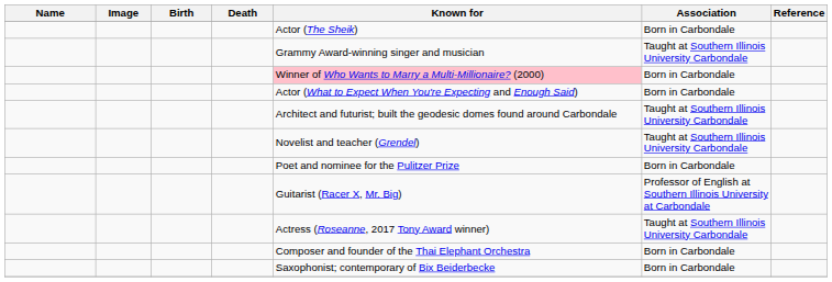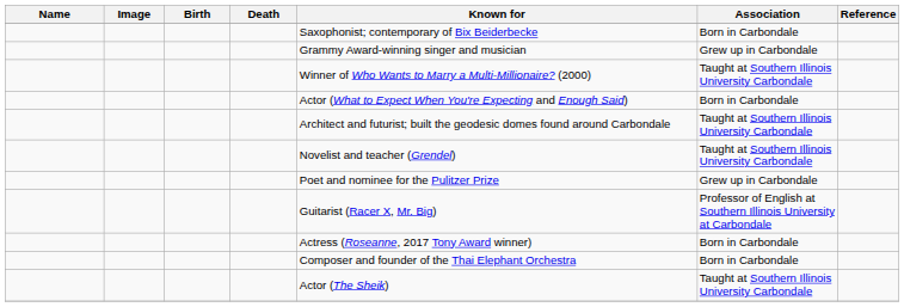 <table class="wikitable sortable">
 <tr>
 <th scope="col" width="140">Name</th>
 <th scope="col" width="80" class="unsortable">Image</th>
 <th scope="col" width="90">Birth</th>
 <th scope="col" width="90">Death</th>
 <th scope="col" width="600" class="unsortable">Known for</th>
 <th scope="col" width="200" class="unsortable">Association</th>
 <th scope="col" width="30" class="unsortable">Reference</th>
 </tr>
 <tr>
 </tr>
 <tr>
 <td></td>
 <td></td>
 <td align=right></td>
 <td align=right></td>
-<td>Actor (<em><a href='#'>The Sheik</a></em>)</td>
+<td>Saxophonist; contemporary of <a href='#'>Bix Beiderbecke</a></td>
 <td>Born in Carbondale</td>
 <td align="center"></td>
 </tr>
 <tr>
 <td></td>
 <td></td>
 <td align=right></td>
 <td align=right></td>
 <td>Grammy Award-winning singer and musician</td>
-<td>Taught at <a href='#'>Southern Illinois University Carbondale</a></td>
+<td>Grew up in Carbondale</td>
 <td align="center"></td>
 </tr>
 <tr>
 <td></td>
 <td></td>
 <td align=right></td>
 <td align=right></td>
-<td style="background: pink;">Winner of <em><a href='#'>Who Wants to Marry a Multi-Millionaire?</a></em> (2000)</td>
-<td>Born in Carbondale</td>
+<td>Winner of <em><a href='#'>Who Wants to Marry a Multi-Millionaire?</a></em> (2000)</td>
+<td>Taught at <a href='#'>Southern Illinois University Carbondale</a></td>
 <td align="center"></td>
 </tr>
 <tr>
 <td></td>
 <td></td>
 <td align=right></td>
 <td align=right></td>
 <td>Actor (<em><a href='#'>What to Expect When You're Expecting</a></em> and <em><a href='#'>Enough Said</a></em>)</td>
 <td>Born in Carbondale</td>
 <td align="center"></td>
 </tr>
 <tr>
 <td></td>
 <td></td>
 <td align=right></td>
 <td align=right></td>
 <td>Architect and futurist; built the geodesic domes found around Carbondale</td>
 <td>Taught at <a href='#'>Southern Illinois University Carbondale</a></td>
 <td align="center"></td>
 </tr>
 <tr>
 <td></td>
 <td></td>
 <td align=right></td>
 <td align=right></td>
 <td>Novelist and teacher (<em><a href='#'>Grendel</a></em>)</td>
 <td>Taught at <a href='#'>Southern Illinois University Carbondale</a></td>
 <td align="center"></td>
 </tr>
 <tr>
 <td></td>
 <td></td>
 <td align=right></td>
 <td align=right></td>
 <td>Poet and nominee for the <a href='#'>Pulitzer Prize</a></td>
-<td>Born in Carbondale</td>
+<td>Grew up in Carbondale</td>
 <td align="center"></td>
 </tr>
 <tr>
 <td></td>
 <td></td>
 <td align=right></td>
 <td align=right></td>
 <td>Guitarist (<a href='#'>Racer X</a>, <a href='#'>Mr. Big</a>)</td>
 <td>Professor of English at <a href='#'>Southern Illinois University at Carbondale</a></td>
 <td align="center"></td>
 </tr>
 <tr>
 <td></td>
 <td></td>
 <td align=right></td>
 <td align=right></td>
 <td>Actress (<em><a href='#'>Roseanne</a></em>, 2017 <a href='#'>Tony Award</a> winner)</td>
-<td>Taught at <a href='#'>Southern Illinois University Carbondale</a></td>
+<td>Born in Carbondale</td>
 <td align="center"></td>
 </tr>
 <tr>
 <td></td>
 <td></td>
 <td align=right></td>
 <td align=right></td>
 <td>Composer and founder of the <a href='#'>Thai Elephant Orchestra</a></td>
 <td>Born in Carbondale</td>
 <td align="center"></td>
 </tr>
 <tr>
 <td></td>
 <td></td>
 <td align=right></td>
 <td align=right></td>
-<td>Saxophonist; contemporary of <a href='#'>Bix Beiderbecke</a></td>
-<td>Born in Carbondale</td>
+<td>Actor (<em><a href='#'>The Sheik</a></em>)</td>
+<td>Taught at <a href='#'>Southern Illinois University Carbondale</a></td>
 <td align="center"></td>
 </tr>
 <tr>
 </tr>
 </table>
